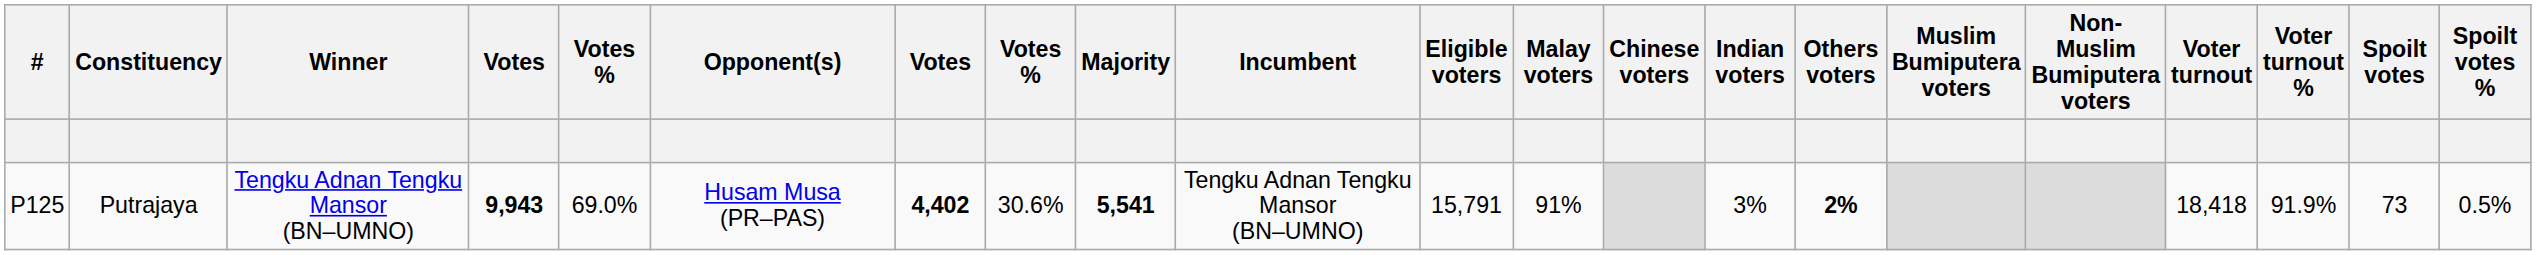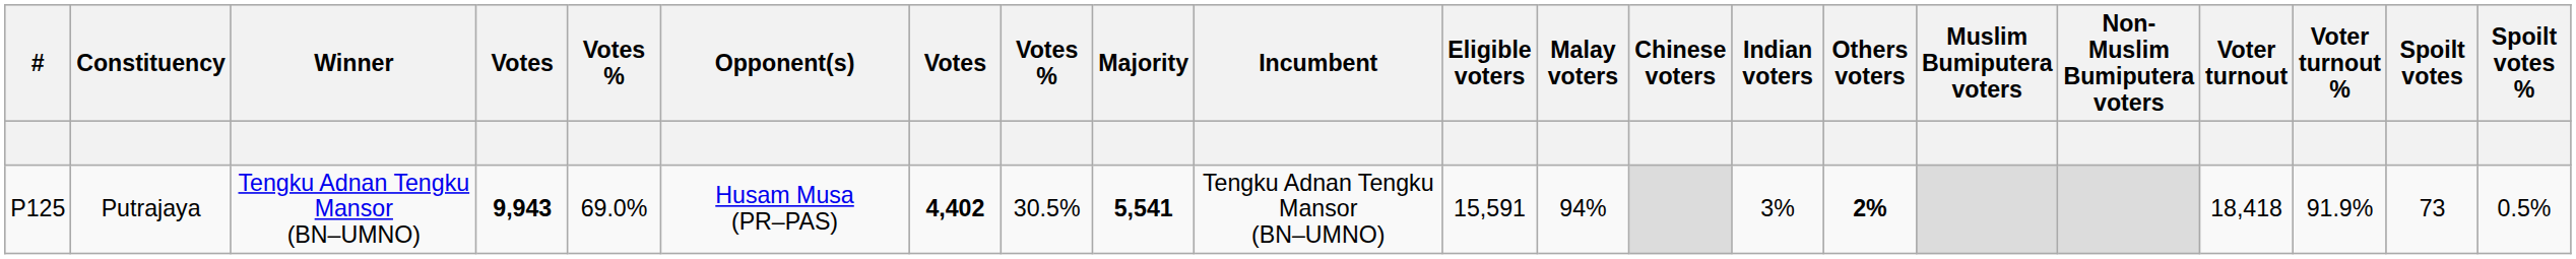 <table class="wikitable sortable" style="text-align:center; font-size:90%">
 <tr>
 <th width="30">#</th>
 <th width="60">Constituency</th>
 <th width="150">Winner</th>
 <th width="50">Votes</th>
 <th width="50">Votes %</th>
 <th width="150">Opponent(s)</th>
 <th width="50">Votes</th>
 <th width="50">Votes %</th>
 <th width="50">Majority</th>
 <th width="150">Incumbent</th>
 <th width="50">Eligible voters</th>
 <th width="50">Malay voters</th>
 <th width="50">Chinese voters</th>
 <th width="50">Indian voters</th>
 <th width="50">Others voters</th>
 <th width="50">Muslim Bumiputera voters</th>
 <th width="50">Non-Muslim Bumiputera voters</th>
 <th width="50">Voter turnout</th>
 <th width="50">Voter turnout %</th>
 <th width="50">Spoilt votes</th>
 <th width="50">Spoilt votes %</th>
 </tr>
 <tr>
 <th height="20"></th>
 <th></th>
 <th></th>
 <th></th>
 <th></th>
 <th></th>
 <th></th>
 <th></th>
 <th></th>
 <th></th>
 <th></th>
 <th></th>
 <th></th>
 <th></th>
 <th></th>
 <th></th>
 <th></th>
 <th></th>
 <th></th>
 <th></th>
 <th></th>
 </tr>
 <tr>
 <td>P125</td>
 <td>Putrajaya</td>
 <td><a href='#'>Tengku Adnan Tengku Mansor</a><br>(BN–UMNO)</td>
 <td><strong>9,943</strong></td>
 <td>69.0%</td>
 <td><a href='#'>Husam Musa</a><br>(PR–PAS)</td>
 <td><strong>4,402</strong></td>
-<td>30.6%</td>
+<td>30.5%</td>
 <td><strong>5,541</strong></td>
 <td>Tengku Adnan Tengku Mansor<br>(BN–UMNO)</td>
-<td>15,791</td>
-<td>91%</td>
+<td>15,591</td>
+<td>94%</td>
 <td bgcolor="dcdcdc"></td>
 <td>3%</td>
 <td><strong>2%</strong></td>
 <td bgcolor="dcdcdc"></td>
 <td bgcolor="dcdcdc"></td>
 <td>18,418</td>
 <td>91.9%</td>
 <td>73</td>
 <td>0.5%</td>
 </tr>
 </table>
